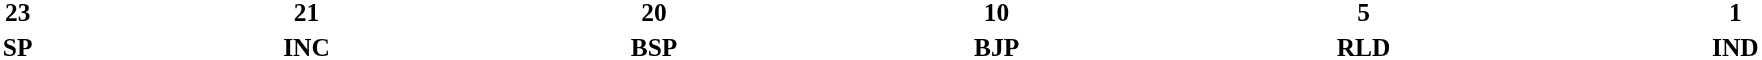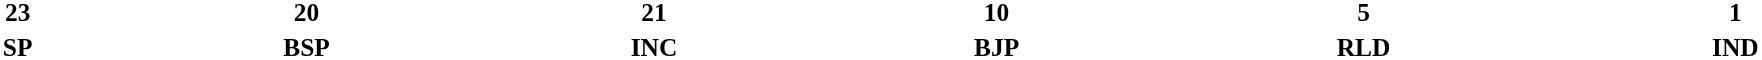 <table style="width:100%; text-align:center;">
 <tr>
 <td style="background:"><strong>23</strong></td>
+<td style="background:"><strong>20</strong></td>
 <td style="background:"><strong>21</strong></td>
-<td style="background:"><strong>20</strong></td>
 <td style="background:"><strong>10</strong></td>
 <td style="background:"><strong>5</strong></td>
 <td style="background:"><strong>1</strong></td>
 </tr>
 <tr>
 <td><span><strong>SP</strong></span></td>
+<td><span><strong>BSP</strong></span></td>
 <td><span><strong>INC</strong></span></td>
-<td><span><strong>BSP</strong></span></td>
 <td><span><strong>BJP</strong></span></td>
 <td><span><strong>RLD</strong></span></td>
 <td><span><strong>IND</strong></span></td>
 </tr>
 </table>
